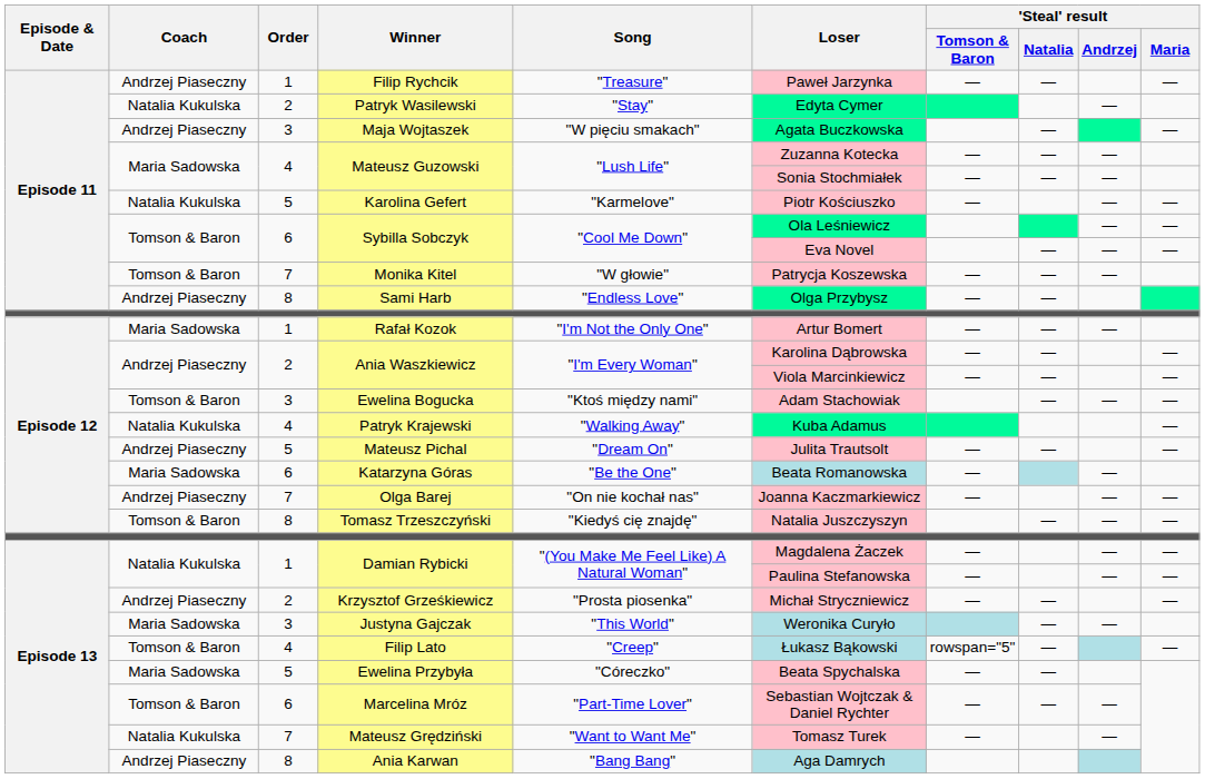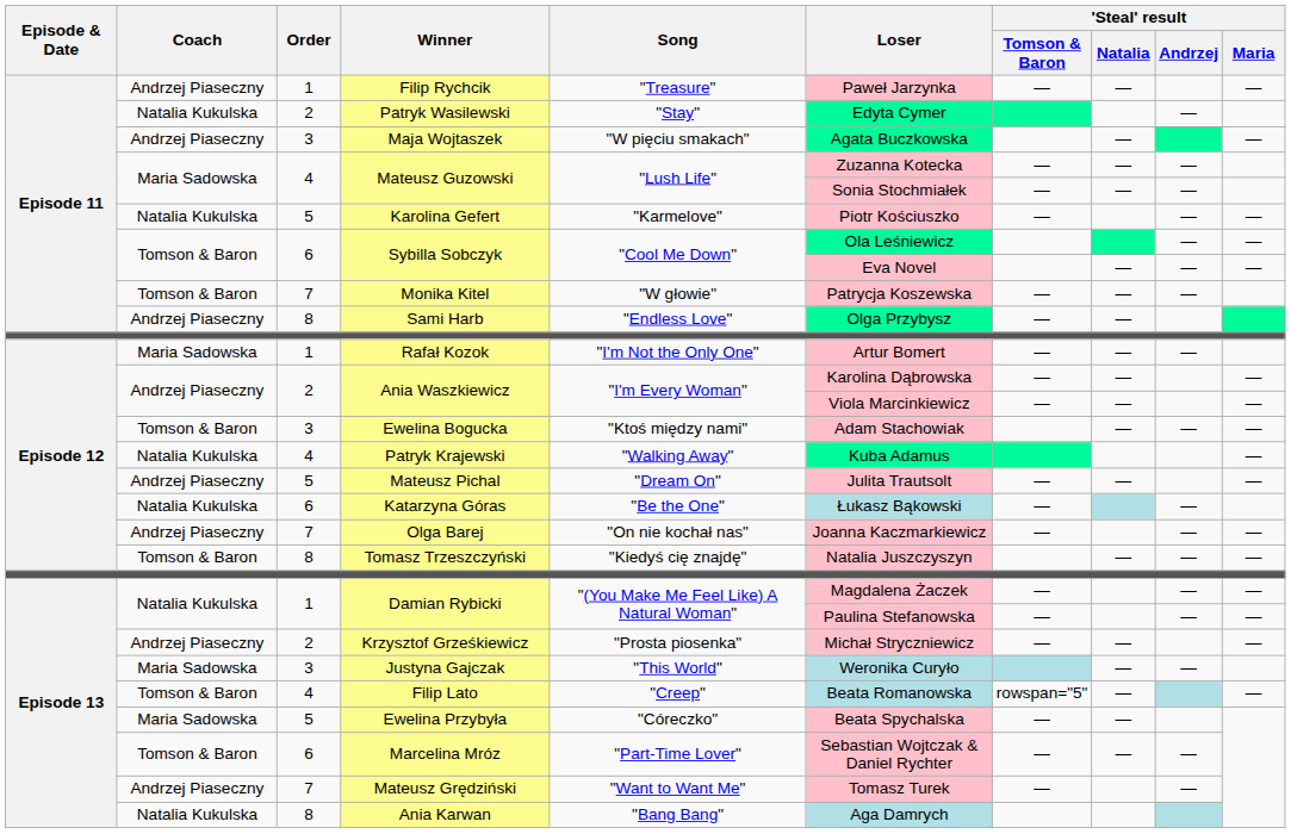 <table class="wikitable" style="text-align: center; width:100%;">
 <tr>
 <th rowspan="2" style="width:9%;">Episode & Date</th>
 <th rowspan="2" style="width:13%;">Coach</th>
 <th rowspan="2" style="width:05%;">Order</th>
 <th rowspan="2" style="width:17%;">Winner</th>
 <th rowspan="2" style="width:21%;">Song</th>
 <th rowspan="2" style="width:15%;">Loser</th>
 <th colspan="4" style="width:20%;">'Steal' result</th>
 </tr>
 <tr>
 <th style="width:05%;"><a href='#'>Tomson & Baron</a></th>
 <th style="width:05%;"><a href='#'>Natalia</a></th>
 <th style="width:05%;"><a href='#'>Andrzej</a></th>
 <th style="width:05%;"><a href='#'>Maria</a></th>
 </tr>
 <tr>
 <th rowspan="10">Episode 11<br><small></small></th>
 <td>Andrzej Piaseczny</td>
 <td>1</td>
 <td style="background:#fdfc8f;">Filip Rychcik</td>
 <td>"<a href='#'>Treasure</a>"</td>
 <td style="background:pink;">Paweł Jarzynka</td>
 <td>—</td>
 <td>—</td>
 <td></td>
 <td>—</td>
 </tr>
 <tr>
 <td>Natalia Kukulska</td>
 <td>2</td>
 <td style="background:#fdfc8f;">Patryk Wasilewski</td>
 <td>"<a href='#'>Stay</a>"</td>
 <td style="background:#00fa9a;">Edyta Cymer</td>
 <td style="background:#00fa9a;"><strong></strong></td>
 <td></td>
 <td>—</td>
 <td><strong></strong></td>
 </tr>
 <tr>
 <td>Andrzej Piaseczny</td>
 <td>3</td>
 <td style="background:#fdfc8f;">Maja Wojtaszek</td>
 <td>"W pięciu smakach"</td>
 <td style="background:#00fa9a;">Agata Buczkowska</td>
 <td></td>
 <td>—</td>
 <td style="background:#00fa9a;"><strong></strong></td>
 <td>—</td>
 </tr>
 <tr>
 <td rowspan="2">Maria Sadowska</td>
 <td rowspan="2">4</td>
 <td rowspan="2" style="background:#fdfc8f;">Mateusz Guzowski</td>
 <td rowspan="2">"<a href='#'>Lush Life</a>"</td>
 <td style="background:pink;">Zuzanna Kotecka</td>
 <td>—</td>
 <td>—</td>
 <td>—</td>
 <td></td>
 </tr>
 <tr>
 <td style="background:pink;">Sonia Stochmiałek</td>
 <td>—</td>
 <td>—</td>
 <td>—</td>
 <td></td>
 </tr>
 <tr>
 <td>Natalia Kukulska</td>
 <td>5</td>
 <td style="background:#fdfc8f;">Karolina Gefert</td>
 <td>"Karmelove"</td>
 <td style="background:pink;">Piotr Kościuszko</td>
 <td>—</td>
 <td></td>
 <td>—</td>
 <td>—</td>
 </tr>
 <tr>
 <td rowspan="2">Tomson & Baron</td>
 <td rowspan="2">6</td>
 <td rowspan="2" style="background:#fdfc8f;">Sybilla Sobczyk</td>
 <td rowspan="2">"<a href='#'>Cool Me Down</a>"</td>
 <td style="background:#00fa9a;">Ola Leśniewicz</td>
 <td></td>
 <td style="background:#00fa9a;"><strong></strong></td>
 <td>—</td>
 <td>—</td>
 </tr>
 <tr>
 <td style="background:pink;">Eva Novel</td>
 <td></td>
 <td>—</td>
 <td>—</td>
 <td>—</td>
 </tr>
 <tr>
 <td>Tomson & Baron</td>
 <td>7</td>
 <td style="background:#fdfc8f;">Monika Kitel</td>
 <td>"W głowie"</td>
 <td style="background:pink;">Patrycja Koszewska</td>
 <td>—</td>
 <td>—</td>
 <td>—</td>
 <td></td>
 </tr>
 <tr>
 <td>Andrzej Piaseczny</td>
 <td>8</td>
 <td style="background:#fdfc8f;">Sami Harb</td>
 <td>"<a href='#'>Endless Love</a>"</td>
 <td style="background:#00fa9a;">Olga Przybysz</td>
 <td>—</td>
 <td>—</td>
 <td></td>
 <td style="background:#00fa9a;"><strong></strong></td>
 </tr>
 <tr>
 <td colspan="10" style="background:#555;"></td>
 </tr>
 <tr>
 <th rowspan="9">Episode 12<br><small></small></th>
 <td>Maria Sadowska</td>
 <td>1</td>
 <td style="background:#fdfc8f;">Rafał Kozok</td>
 <td>"<a href='#'>I'm Not the Only One</a>"</td>
 <td style="background:pink;">Artur Bomert</td>
 <td>—</td>
 <td>—</td>
 <td>—</td>
 <td></td>
 </tr>
 <tr>
 <td rowspan="2">Andrzej Piaseczny</td>
 <td rowspan="2">2</td>
 <td rowspan="2" style="background:#fdfc8f;">Ania Waszkiewicz</td>
 <td rowspan="2">"<a href='#'>I'm Every Woman</a>"</td>
 <td style="background:pink;">Karolina Dąbrowska</td>
 <td>—</td>
 <td>—</td>
 <td></td>
 <td>—</td>
 </tr>
 <tr>
 <td style="background:pink;">Viola Marcinkiewicz</td>
 <td>—</td>
 <td>—</td>
 <td></td>
 <td>—</td>
 </tr>
 <tr>
 <td>Tomson & Baron</td>
 <td>3</td>
 <td style="background:#fdfc8f;">Ewelina Bogucka</td>
 <td>"Ktoś między nami"</td>
 <td style="background:pink;">Adam Stachowiak</td>
 <td></td>
 <td>—</td>
 <td>—</td>
 <td>—</td>
 </tr>
 <tr>
 <td>Natalia Kukulska</td>
 <td>4</td>
 <td style="background:#fdfc8f;">Patryk Krajewski</td>
 <td>"<a href='#'>Walking Away</a>"</td>
 <td style="background:#00fa9a;">Kuba Adamus</td>
 <td style="background:#00fa9a;"><strong></strong></td>
 <td></td>
 <td><strong></strong></td>
 <td>—</td>
 </tr>
 <tr>
 <td>Andrzej Piaseczny</td>
 <td>5</td>
 <td style="background:#fdfc8f;">Mateusz Pichal</td>
 <td>"<a href='#'>Dream On</a>"</td>
 <td style="background:pink;">Julita Trautsolt</td>
 <td>—</td>
 <td>—</td>
 <td></td>
 <td>—</td>
 </tr>
 <tr>
-<td>Maria Sadowska</td>
+<td>Natalia Kukulska</td>
 <td>6</td>
 <td style="background:#fdfc8f;">Katarzyna Góras</td>
 <td>"<a href='#'>Be the One</a>"</td>
-<td style="background:#B0E0E6;">Beata Romanowska</td>
+<td style="background:#B0E0E6;">Łukasz Bąkowski</td>
 <td>—</td>
 <td style="background:#B0E0E6;"><strong></strong></td>
 <td>—</td>
 <td></td>
 </tr>
 <tr>
 <td>Andrzej Piaseczny</td>
 <td>7</td>
 <td style="background:#fdfc8f;">Olga Barej</td>
 <td>"On nie kochał nas"</td>
 <td style="background:pink;">Joanna Kaczmarkiewicz</td>
 <td>—</td>
 <td></td>
 <td>—</td>
 <td>—</td>
 </tr>
 <tr>
 <td>Tomson & Baron</td>
 <td>8</td>
 <td style="background:#fdfc8f;">Tomasz Trzeszczyński</td>
 <td>"Kiedyś cię znajdę"</td>
 <td style="background:pink;">Natalia Juszczyszyn</td>
 <td></td>
 <td>—</td>
 <td>—</td>
 <td>—</td>
 </tr>
 <tr>
 <td colspan="10" style="background:#555;"></td>
 </tr>
 <tr>
 <th rowspan="10">Episode 13<br><small></small></th>
 <td rowspan="2">Natalia Kukulska</td>
 <td rowspan="2">1</td>
 <td rowspan="2" style="background:#fdfc8f;">Damian Rybicki</td>
 <td rowspan="2">"<a href='#'>(You Make Me Feel Like) A Natural Woman</a>"</td>
 <td style="background:pink;">Magdalena Żaczek</td>
 <td>—</td>
 <td></td>
 <td>—</td>
 <td>—</td>
 </tr>
 <tr>
 <td style="background:pink;">Paulina Stefanowska</td>
 <td>—</td>
 <td></td>
 <td>—</td>
 <td>—</td>
 </tr>
 <tr>
 <td>Andrzej Piaseczny</td>
 <td>2</td>
 <td style="background:#fdfc8f;">Krzysztof Grześkiewicz</td>
 <td>"Prosta piosenka"</td>
 <td style="background:pink;">Michał Stryczniewicz</td>
 <td>—</td>
 <td>—</td>
 <td></td>
 <td>—</td>
 </tr>
 <tr>
 <td>Maria Sadowska</td>
 <td>3</td>
 <td style="background:#fdfc8f;">Justyna Gajczak</td>
 <td>"<a href='#'>This World</a>"</td>
 <td style="background:#B0E0E6;">Weronika Curyło</td>
 <td style="background:#B0E0E6;"><strong></strong></td>
 <td>—</td>
 <td>—</td>
 <td></td>
 </tr>
 <tr>
 <td>Tomson & Baron</td>
 <td>4</td>
 <td style="background:#fdfc8f;">Filip Lato</td>
 <td>"<a href='#'>Creep</a>"</td>
-<td style="background:#B0E0E6;">Łukasz Bąkowski</td>
+<td style="background:#B0E0E6;">Beata Romanowska</td>
 <td>rowspan="5" </td>
 <td>—</td>
 <td style="background:#B0E0E6;"><strong></strong></td>
 <td>—</td>
 </tr>
 <tr>
 <td>Maria Sadowska</td>
 <td>5</td>
 <td style="background:#fdfc8f;">Ewelina Przybyła</td>
 <td>"Córeczko"</td>
 <td style="background:pink;">Beata Spychalska</td>
 <td>—</td>
 <td>—</td>
 <td></td>
 </tr>
 <tr>
 <td>Tomson & Baron</td>
 <td>6</td>
 <td style="background:#fdfc8f;">Marcelina Mróz</td>
 <td>"<a href='#'>Part-Time Lover</a>"</td>
 <td style="background:pink;">Sebastian Wojtczak & Daniel Rychter</td>
 <td>—</td>
 <td>—</td>
 <td>—</td>
 </tr>
 <tr>
-<td>Natalia Kukulska</td>
+<td>Andrzej Piaseczny</td>
 <td>7</td>
 <td style="background:#fdfc8f;">Mateusz Grędziński</td>
 <td>"<a href='#'>Want to Want Me</a>"</td>
 <td style="background:pink;">Tomasz Turek</td>
 <td>—</td>
 <td></td>
 <td>—</td>
 </tr>
 <tr>
-<td>Andrzej Piaseczny</td>
+<td>Natalia Kukulska</td>
 <td>8</td>
 <td style="background:#fdfc8f;">Ania Karwan</td>
 <td>"<a href='#'>Bang Bang</a>"</td>
 <td style="background:#B0E0E6;">Aga Damrych</td>
 <td></td>
 <td><strong></strong></td>
 <td style="background:#B0E0E6;"><strong></strong></td>
 </tr>
 </table>
